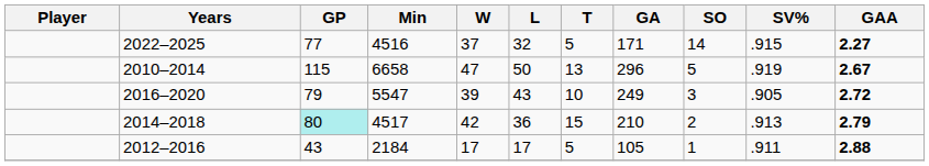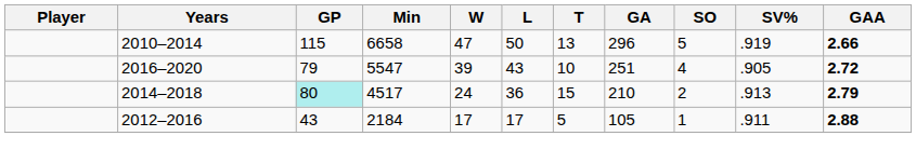 <table class="wikitable sortable" width = 900>
 <tr>
 <th>Player</th>
 <th>Years</th>
 <th>GP</th>
 <th>Min</th>
 <th>W</th>
 <th>L</th>
 <th>T</th>
 <th>GA</th>
 <th>SO</th>
 <th>SV%</th>
 <th>GAA</th>
 </tr>
 <tr>
 <td></td>
-<td>2022–2025</td>
-<td>77</td>
-<td>4516</td>
-<td>37</td>
-<td>32</td>
-<td>5</td>
-<td>171</td>
-<td>14</td>
-<td>.915</td>
-<td><strong>2.27</strong></td>
-</tr>
-<tr>
-<td></td>
 <td>2010–2014</td>
 <td>115</td>
 <td>6658</td>
 <td>47</td>
 <td>50</td>
 <td>13</td>
 <td>296</td>
 <td>5</td>
 <td>.919</td>
-<td><strong>2.67</strong></td>
+<td><strong>2.66</strong></td>
 </tr>
 <tr>
 <td></td>
 <td>2016–2020</td>
 <td>79</td>
 <td>5547</td>
 <td>39</td>
 <td>43</td>
 <td>10</td>
-<td>249</td>
-<td>3</td>
+<td>251</td>
+<td>4</td>
 <td>.905</td>
 <td><strong>2.72</strong></td>
 </tr>
 <tr>
 <td></td>
 <td>2014–2018</td>
 <td style="background: paleturquoise;">80</td>
 <td>4517</td>
-<td>42</td>
+<td>24</td>
 <td>36</td>
 <td>15</td>
 <td>210</td>
 <td>2</td>
 <td>.913</td>
 <td><strong>2.79</strong></td>
 </tr>
 <tr>
 <td></td>
 <td>2012–2016</td>
 <td>43</td>
 <td>2184</td>
 <td>17</td>
 <td>17</td>
 <td>5</td>
 <td>105</td>
 <td>1</td>
 <td>.911</td>
 <td><strong>2.88</strong></td>
 </tr>
 <tr>
 </tr>
 </table>
